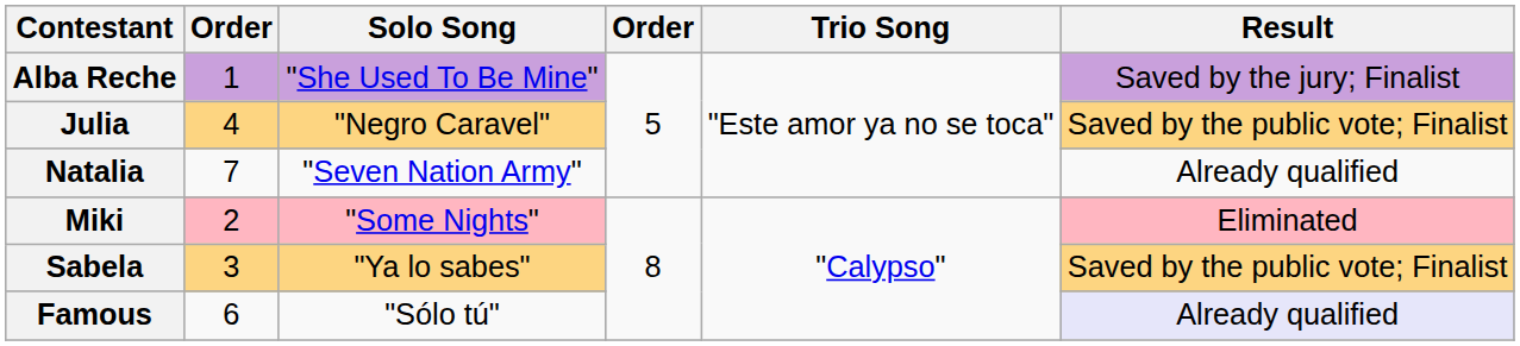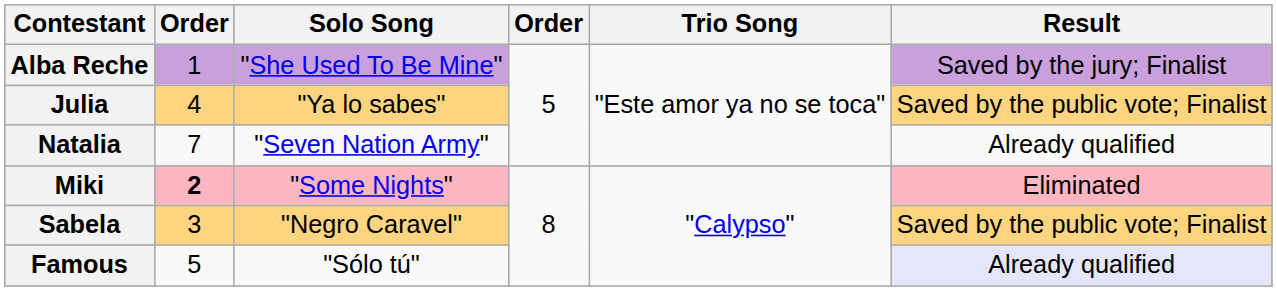 <table class="wikitable plainrowheaders" style="text-align:center;">
 <tr>
 <th scope="col">Contestant</th>
 <th scope="col">Order</th>
 <th scope="col">Solo Song</th>
 <th scope="col">Order</th>
 <th scope="col">Trio Song</th>
 <th scope="col">Result</th>
 </tr>
 <tr>
 <th scope="row">Alba Reche</th>
 <td style="background-color: #C9A0DC;">1</td>
 <td style="background-color: #C9A0DC;">"<a href='#'>She Used To Be Mine</a>"</td>
 <td rowspan="3">5</td>
 <td rowspan="3">"Este amor ya no se toca"</td>
 <td style="background-color: #C9A0DC;">Saved by the jury; Finalist</td>
 </tr>
 <tr>
 <th scope="row">Julia</th>
 <td style="background:#fdd581;">4</td>
-<td style="background:#fdd581;">"Negro Caravel"</td>
+<td style="background:#fdd581;">"Ya lo sabes"</td>
 <td style="background:#fdd581;">Saved by the public vote; Finalist</td>
 </tr>
 <tr>
 <th scope="row">Natalia</th>
 <td>7</td>
 <td>"<a href='#'>Seven Nation Army</a>"</td>
 <td>Already qualified</td>
 </tr>
 <tr>
 <th scope="row">Miki</th>
-<td style="background:lightpink">2</td>
+<td style="background:lightpink"><strong>2</strong></td>
 <td style="background:lightpink">"<a href='#'>Some Nights</a>"</td>
 <td rowspan="3">8</td>
 <td rowspan="3">"<a href='#'>Calypso</a>"</td>
 <td style="background:lightpink">Eliminated</td>
 </tr>
 <tr>
 <th scope="row">Sabela</th>
 <td style="background:#fdd581;">3</td>
-<td style="background:#fdd581;">"Ya lo sabes"</td>
+<td style="background:#fdd581;">"Negro Caravel"</td>
 <td style="background:#fdd581;">Saved by the public vote; Finalist</td>
 </tr>
 <tr>
 <th scope="row">Famous</th>
-<td>6</td>
+<td>5</td>
 <td>"Sólo tú"</td>
 <td style="background: lavender;">Already qualified</td>
 </tr>
 </table>
